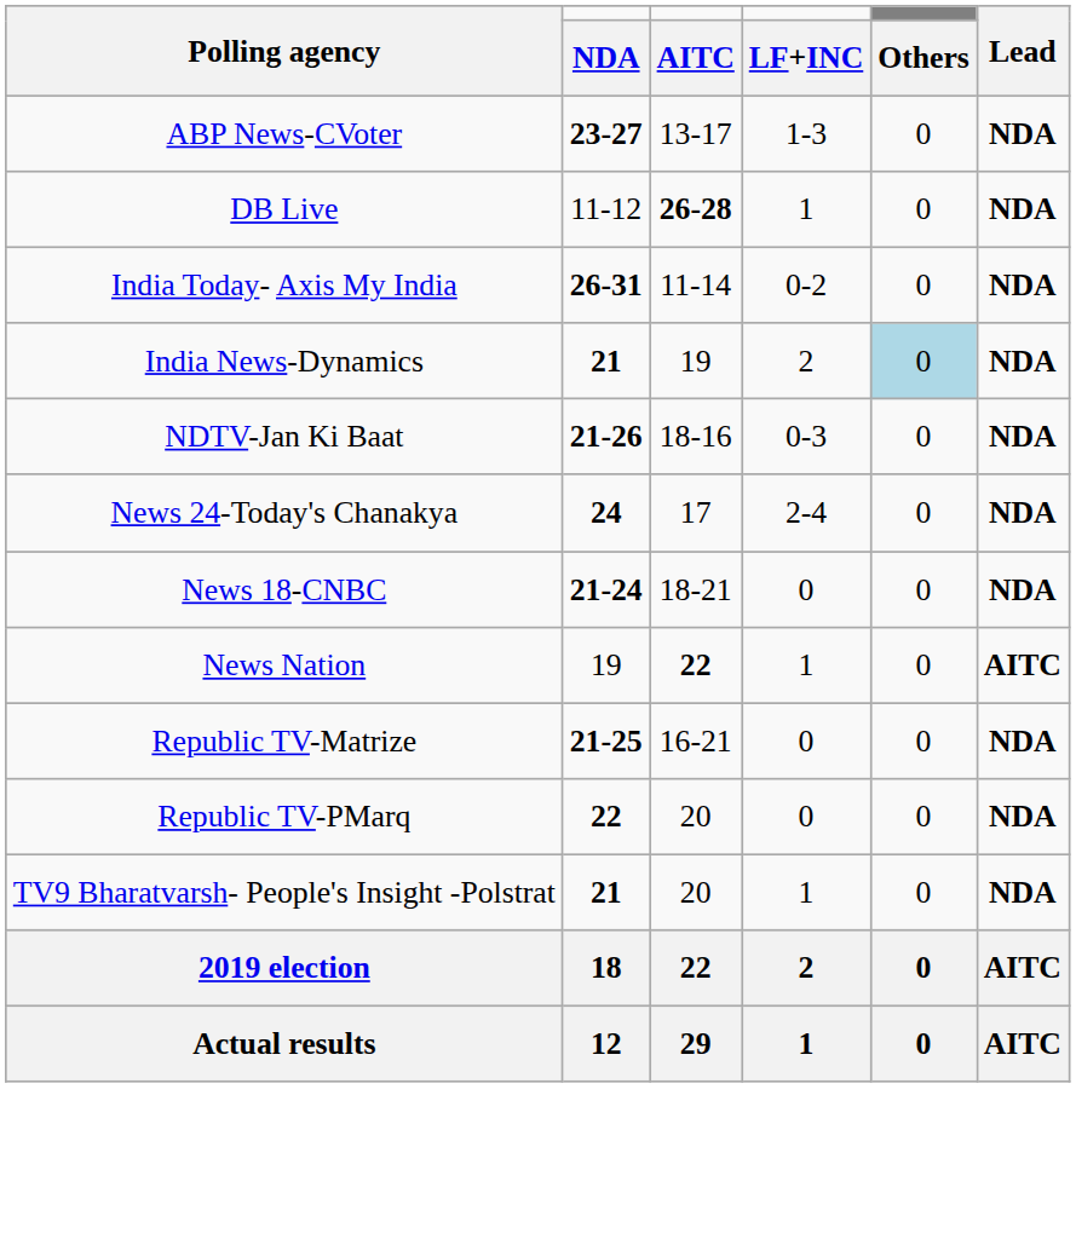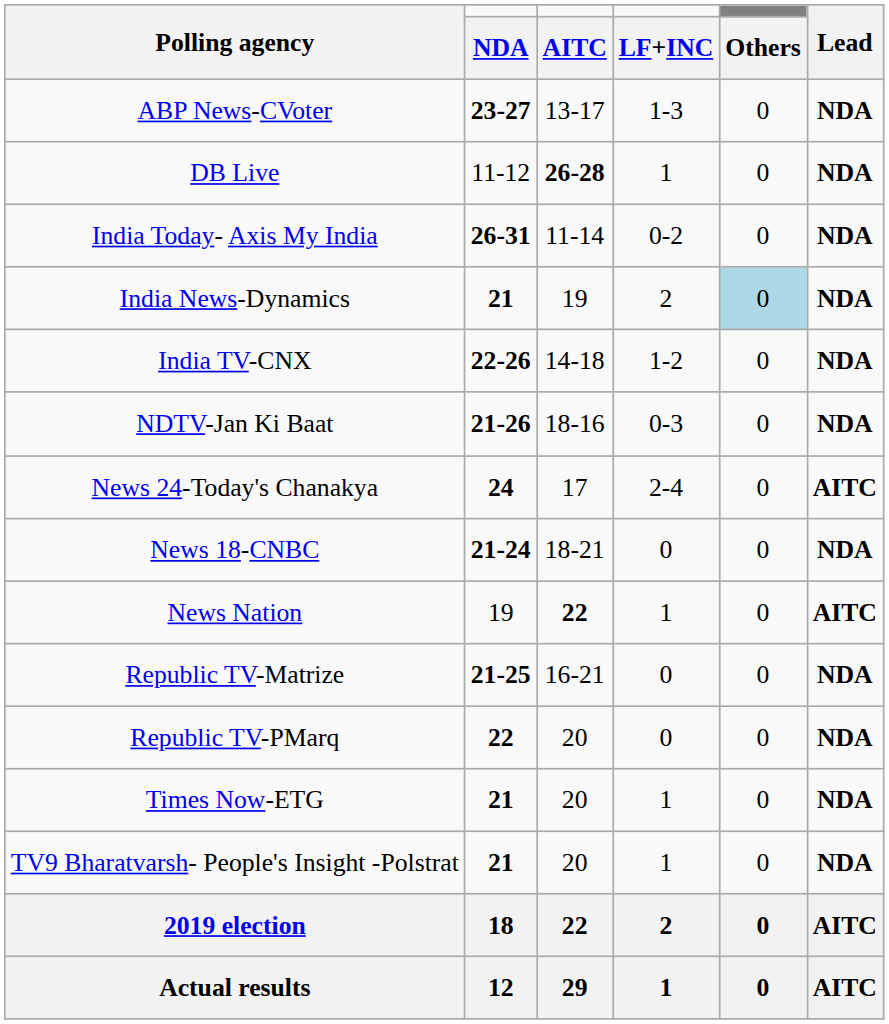 <table class="wikitable" style="text-align:center;font-size:95%;line-height:30px;">
 <tr>
 <th rowspan="2" class="wikitable">Polling agency</th>
 <td></td>
 <td></td>
 <td></td>
 <td style="background:grey;"></td>
 <th rowspan="2">Lead</th>
 </tr>
 <tr>
 <th class="wikitable"><a href='#'>NDA</a></th>
 <th class="wikitable"><a href='#'>AITC</a></th>
 <th class="wikitable"><a href='#'>LF</a>+<a href='#'>INC</a></th>
 <th class="wikitable">Others</th>
 </tr>
 <tr>
 <td><a href='#'>ABP News</a>-<a href='#'>CVoter</a></td>
 <td bgcolor=><strong>23-27</strong></td>
 <td>13-17</td>
 <td>1-3</td>
 <td>0</td>
 <td bgcolor=><strong>NDA</strong></td>
 </tr>
 <tr>
 <td><a href='#'>DB Live</a></td>
 <td>11-12</td>
 <td style="background:"><strong>26-28</strong></td>
 <td>1</td>
 <td>0</td>
 <td bgcolor=><strong>NDA</strong></td>
 </tr>
 <tr>
 <td><a href='#'>India Today</a>- <a href='#'>Axis My India</a></td>
 <td bgcolor=><strong>26-31</strong></td>
 <td>11-14</td>
 <td>0-2</td>
 <td>0</td>
 <td bgcolor=><strong>NDA</strong></td>
 </tr>
 <tr>
 <td><a href='#'>India News</a>-Dynamics</td>
 <td bgcolor=><strong>21</strong></td>
 <td>19</td>
 <td>2</td>
 <td style="background: lightblue;">0</td>
 <td bgcolor=><strong>NDA</strong></td>
 </tr>
 <tr>
+<td><a href='#'>India TV</a>-CNX</td>
+<td bgcolor=><strong>22-26</strong></td>
+<td>14-18</td>
+<td>1-2</td>
+<td>0</td>
+<td bgcolor=><strong>NDA</strong></td>
+</tr>
+<tr>
 <td><a href='#'>NDTV</a>-Jan Ki Baat</td>
 <td bgcolor=><strong>21-26</strong></td>
 <td>18-16</td>
 <td>0-3</td>
 <td>0</td>
 <td bgcolor=><strong>NDA</strong></td>
 </tr>
 <tr>
 <td><a href='#'>News 24</a>-Today's Chanakya</td>
 <td bgcolor=><strong>24</strong></td>
 <td>17</td>
 <td>2-4</td>
 <td>0</td>
-<td bgcolor=><strong>NDA</strong></td>
+<td style="background:"><strong>AITC</strong></td>
 </tr>
 <tr>
 <td><a href='#'>News 18</a>-<a href='#'>CNBC</a></td>
 <td bgcolor=><strong>21-24</strong></td>
 <td>18-21</td>
 <td>0</td>
 <td>0</td>
 <td bgcolor=><strong>NDA</strong></td>
 </tr>
 <tr>
 <td><a href='#'>News Nation</a></td>
 <td>19</td>
 <td style="background:"><strong>22</strong></td>
 <td>1</td>
 <td>0</td>
 <td style="background:"><strong>AITC</strong></td>
 </tr>
 <tr>
 <td><a href='#'>Republic TV</a>-Matrize</td>
 <td bgcolor=><strong>21-25</strong></td>
 <td>16-21</td>
 <td>0</td>
 <td>0</td>
 <td bgcolor=><strong>NDA</strong></td>
 </tr>
 <tr>
 <td><a href='#'>Republic TV</a>-PMarq</td>
 <td bgcolor=><strong>22</strong></td>
 <td>20</td>
 <td>0</td>
 <td>0</td>
 <td bgcolor=><strong>NDA</strong></td>
 </tr>
 <tr>
+<td><a href='#'>Times Now</a>-ETG</td>
+<td bgcolor=><strong>21</strong></td>
+<td>20</td>
+<td>1</td>
+<td>0</td>
+<td bgcolor=><strong>NDA</strong></td>
+</tr>
+<tr>
 <td><a href='#'>TV9 Bharatvarsh</a>- People's Insight -Polstrat</td>
 <td bgcolor=><strong>21</strong></td>
 <td>20</td>
 <td>1</td>
 <td>0</td>
 <td bgcolor=><strong>NDA</strong></td>
 </tr>
 <tr>
 <th><a href='#'><strong>2019 election</strong></a></th>
 <th>18</th>
 <th style="background:"><strong>22</strong></th>
 <th>2</th>
 <th>0</th>
 <th style="background:"><strong>AITC</strong></th>
 </tr>
 <tr>
 <th>Actual results</th>
 <th>12</th>
 <th style="background:"><strong>29</strong></th>
 <th>1</th>
 <th>0</th>
 <th style="background:"><strong>AITC</strong></th>
 </tr>
 </table>
